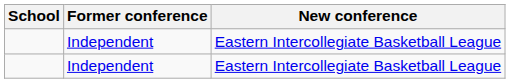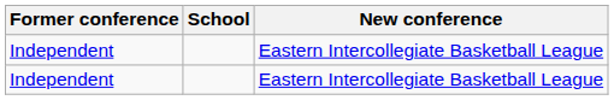 <table class="wikitable sortable">
 <tr>
+<th>Former conference</th>
 <th>School</th>
-<th>Former conference</th>
 <th>New conference</th>
 </tr>
 <tr>
+<td><a href='#'>Independent</a></td>
 <td></td>
-<td><a href='#'>Independent</a></td>
 <td><a href='#'>Eastern Intercollegiate Basketball League</a></td>
 </tr>
 <tr>
+<td><a href='#'>Independent</a></td>
 <td></td>
-<td><a href='#'>Independent</a></td>
 <td><a href='#'>Eastern Intercollegiate Basketball League</a></td>
 </tr>
 </table>
